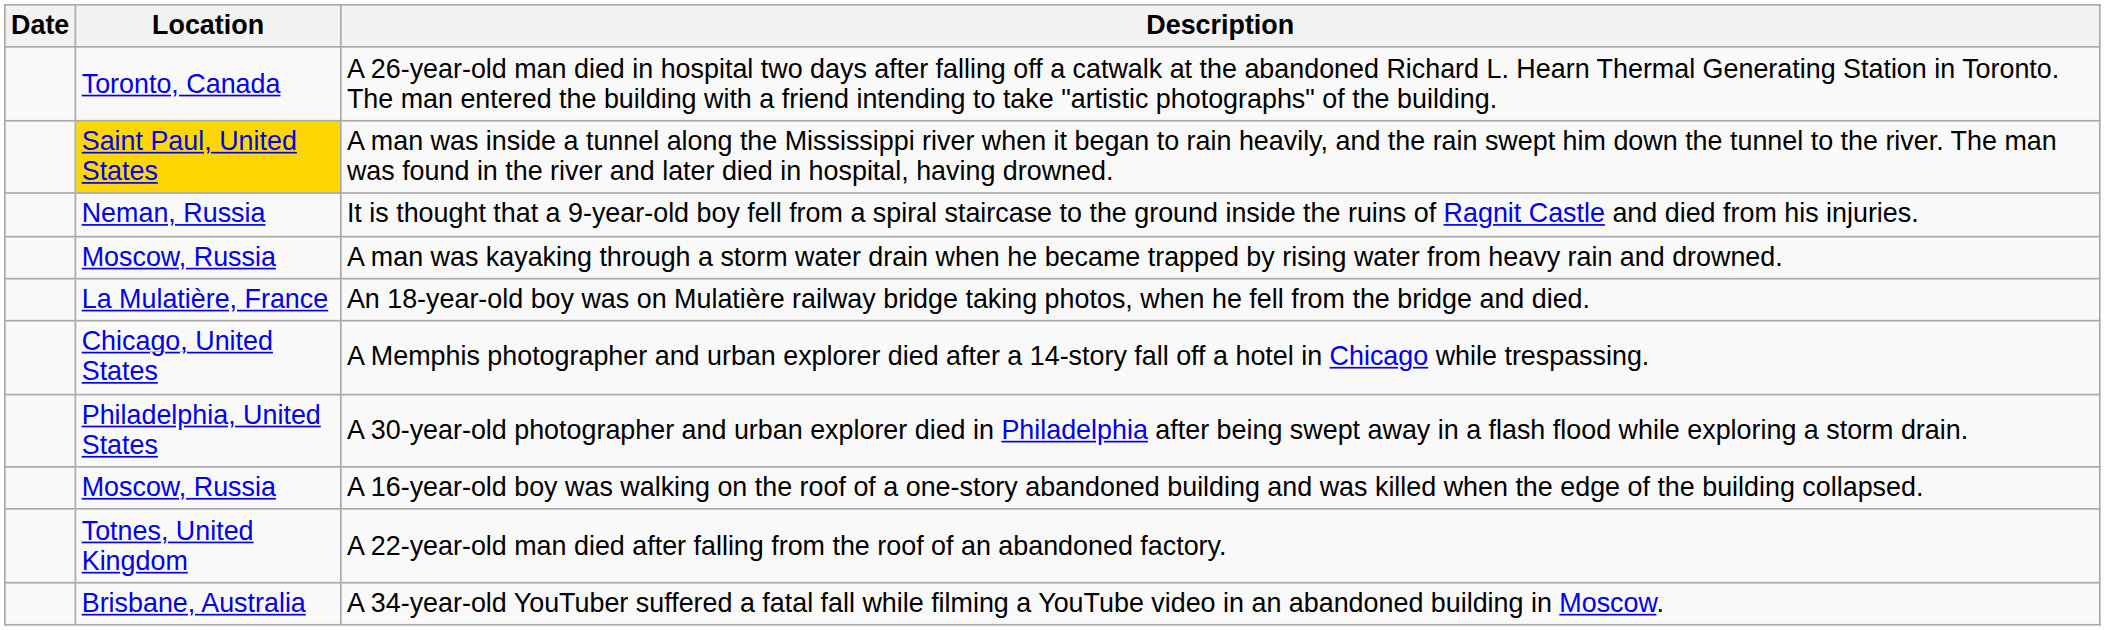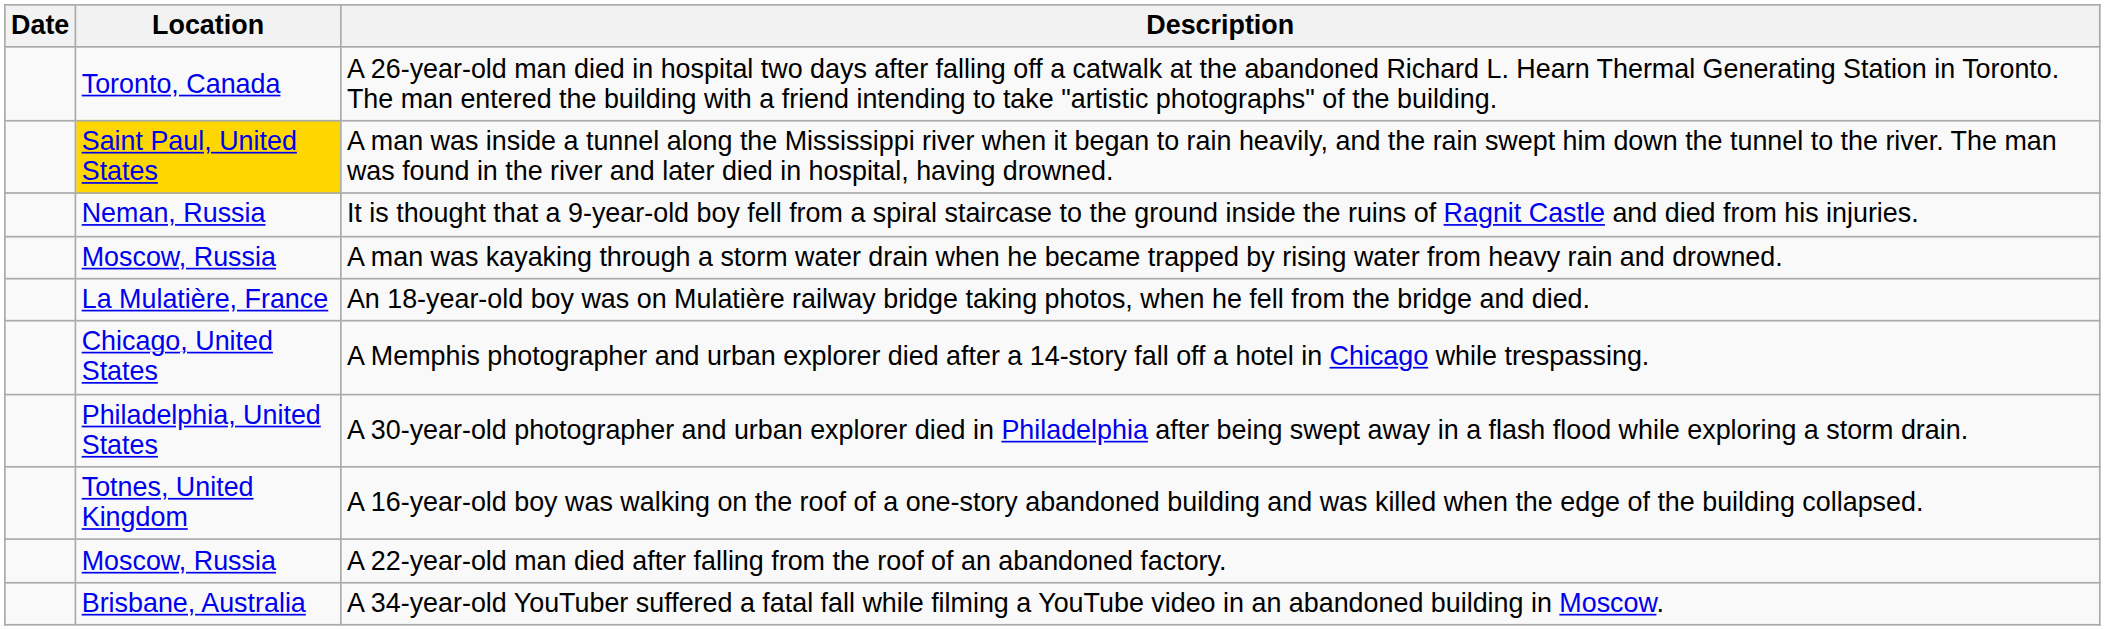 <table class="wikitable sortable">
 <tr>
 <th scope="col">Date</th>
 <th>Location</th>
 <th scope="col" class="unsortable">Description</th>
 </tr>
 <tr>
 <td></td>
 <td> <a href='#'>Toronto, Canada</a></td>
 <td>A 26-year-old man died in hospital two days after falling off a catwalk at the abandoned Richard L. Hearn Thermal Generating Station in Toronto. The man entered the building with a friend intending to take "artistic photographs" of the building.</td>
 </tr>
 <tr>
 <td></td>
 <td style="background: gold;"> <a href='#'>Saint Paul, United States</a></td>
 <td>A man was inside a tunnel along the Mississippi river when it began to rain heavily, and the rain swept him down the tunnel to the river. The man was found in the river and later died in hospital, having drowned.</td>
 </tr>
 <tr>
 <td></td>
 <td> <a href='#'>Neman, Russia</a></td>
 <td>It is thought that a 9-year-old boy fell  from a spiral staircase to the ground inside the ruins of <a href='#'>Ragnit Castle</a> and died from his injuries.</td>
 </tr>
 <tr>
 <td></td>
 <td> <a href='#'>Moscow, Russia</a></td>
 <td>A man was kayaking through a storm water drain when he became trapped by rising water from heavy rain and drowned.</td>
 </tr>
 <tr>
 <td></td>
 <td> <a href='#'>La Mulatière, France</a></td>
 <td>An 18-year-old boy was on Mulatière railway bridge taking photos, when he fell from the bridge and died.</td>
 </tr>
 <tr>
 <td></td>
 <td> <a href='#'>Chicago, United States</a></td>
 <td>A Memphis photographer and urban explorer died after a 14-story fall off a hotel in <a href='#'>Chicago</a> while trespassing.</td>
 </tr>
 <tr>
 <td></td>
 <td> <a href='#'>Philadelphia, United States</a></td>
 <td>A 30-year-old photographer and urban explorer died in <a href='#'>Philadelphia</a> after being swept away in a flash flood while exploring a storm drain.</td>
 </tr>
 <tr>
 <td></td>
-<td> <a href='#'>Moscow, Russia</a></td>
+<td> <a href='#'>Totnes, United Kingdom</a></td>
 <td>A 16-year-old boy was walking on the roof of a one-story abandoned building and was killed when the edge of the building collapsed.</td>
 </tr>
 <tr>
 <td></td>
-<td> <a href='#'>Totnes, United Kingdom</a></td>
+<td> <a href='#'>Moscow, Russia</a></td>
 <td>A 22-year-old man died after falling from the roof of an abandoned factory.</td>
 </tr>
 <tr>
 <td></td>
 <td> <a href='#'>Brisbane, Australia</a></td>
 <td>A 34-year-old YouTuber suffered a fatal fall while filming a YouTube video in an abandoned building in <a href='#'>Moscow</a>.</td>
 </tr>
 </table>
